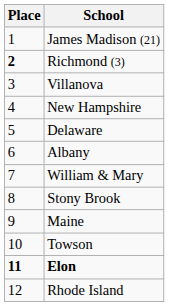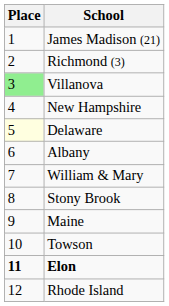 <table Class="wikitable">
 <tr align=center>
 <th>Place</th>
 <th>School</th>
 </tr>
 <tr>
 <td>1</td>
 <td>James Madison <small>(21)</small></td>
 </tr>
 <tr>
-<td><strong>2</strong></td>
+<td>2</td>
 <td>Richmond <small>(3)</small></td>
 </tr>
 <tr>
-<td>3</td>
+<td style="background: lightgreen;">3</td>
 <td>Villanova</td>
 </tr>
 <tr>
 <td>4</td>
 <td>New Hampshire</td>
 </tr>
 <tr>
-<td>5</td>
+<td style="background: lightyellow;">5</td>
 <td>Delaware</td>
 </tr>
 <tr>
 <td>6</td>
 <td>Albany</td>
 </tr>
 <tr>
 <td>7</td>
 <td>William & Mary</td>
 </tr>
 <tr>
 <td>8</td>
 <td>Stony Brook</td>
 </tr>
 <tr>
 <td>9</td>
 <td>Maine</td>
 </tr>
 <tr>
 <td>10</td>
 <td>Towson</td>
 </tr>
 <tr>
 <td><strong>11</strong></td>
 <td><strong>Elon</strong></td>
 </tr>
 <tr>
 <td>12</td>
 <td>Rhode Island</td>
 </tr>
 </table>
